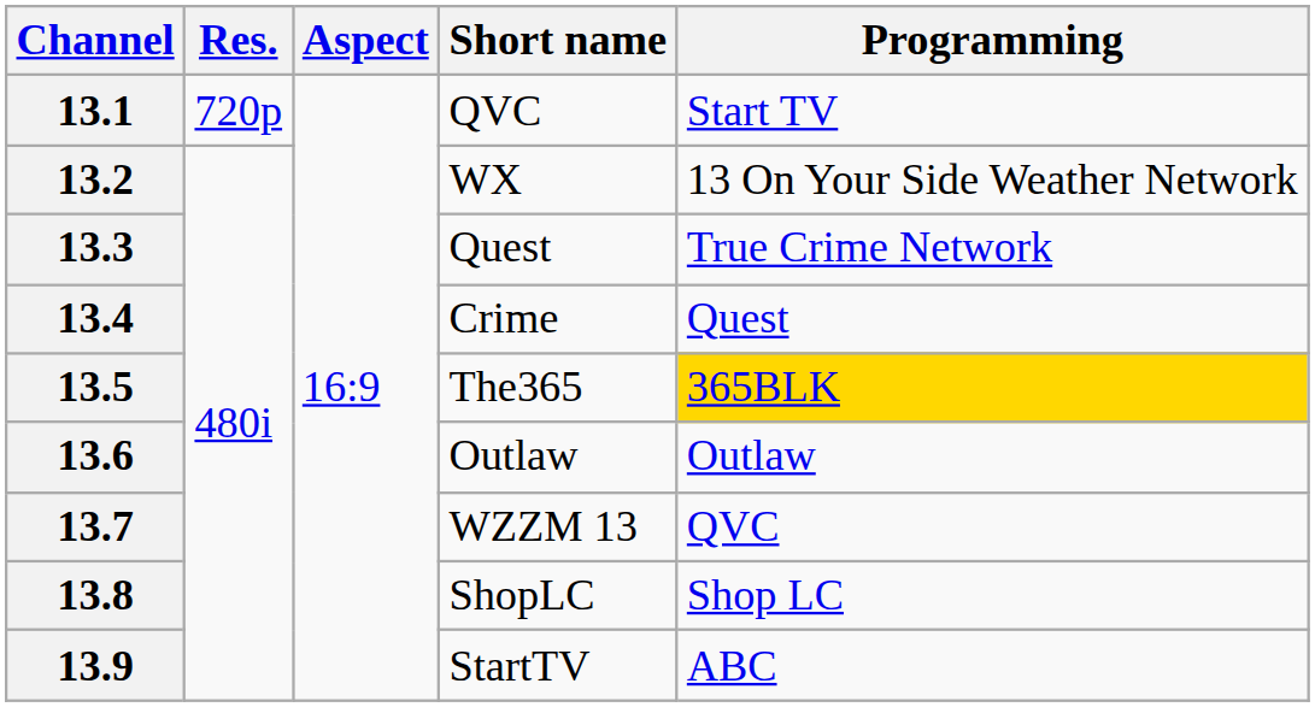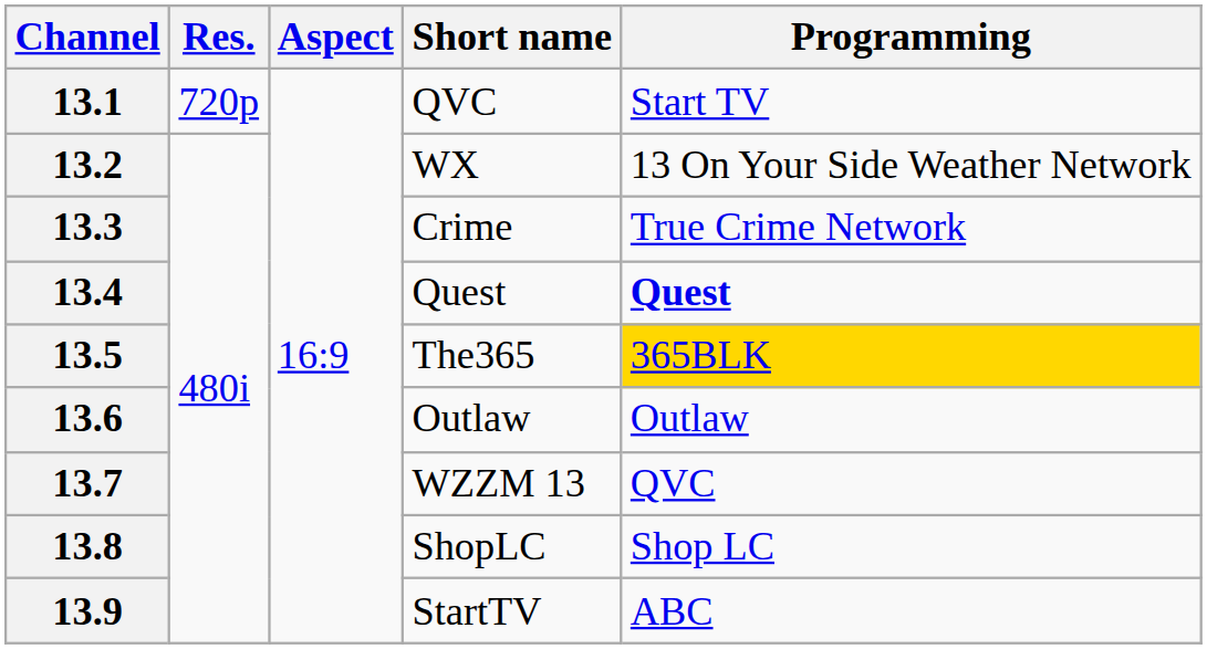 <table class="wikitable">
 <tr>
 <th scope = "col"><a href='#'>Channel</a></th>
 <th scope = "col"><a href='#'>Res.</a></th>
 <th scope = "col"><a href='#'>Aspect</a></th>
 <th scope = "col">Short name</th>
 <th scope = "col">Programming</th>
 </tr>
 <tr>
 <th scope = "row">13.1</th>
 <td><a href='#'>720p</a></td>
 <td rowspan=9><a href='#'>16:9</a></td>
 <td>QVC</td>
 <td><a href='#'>Start TV</a></td>
 </tr>
 <tr>
 <th scope = "row">13.2</th>
 <td rowspan=8><a href='#'>480i</a></td>
 <td>WX</td>
 <td>13 On Your Side Weather Network</td>
 </tr>
 <tr>
 <th scope = "row">13.3</th>
-<td>Quest</td>
+<td>Crime</td>
 <td><a href='#'>True Crime Network</a></td>
 </tr>
 <tr>
 <th scope = "row">13.4</th>
-<td>Crime</td>
-<td><a href='#'>Quest</a></td>
+<td>Quest</td>
+<td><strong><a href='#'>Quest</a></strong></td>
 </tr>
 <tr>
 <th scope = "row">13.5</th>
 <td>The365</td>
 <td style="background: gold;"><a href='#'>365BLK</a></td>
 </tr>
 <tr>
 <th scope = "row">13.6</th>
 <td>Outlaw</td>
 <td><a href='#'>Outlaw</a></td>
 </tr>
 <tr>
 <th scope = "row">13.7</th>
 <td>WZZM 13</td>
 <td><a href='#'>QVC</a></td>
 </tr>
 <tr>
 <th scope = "row">13.8</th>
 <td>ShopLC</td>
 <td><a href='#'>Shop LC</a></td>
 </tr>
 <tr>
 <th scope = "row">13.9</th>
 <td>StartTV</td>
 <td><a href='#'>ABC</a></td>
 </tr>
 </table>
